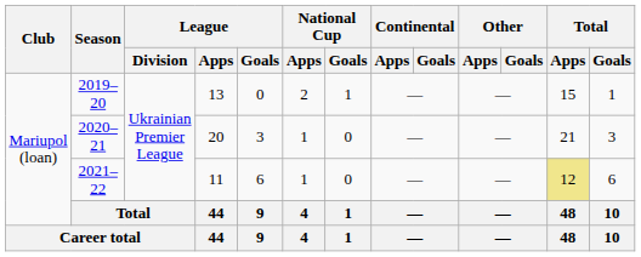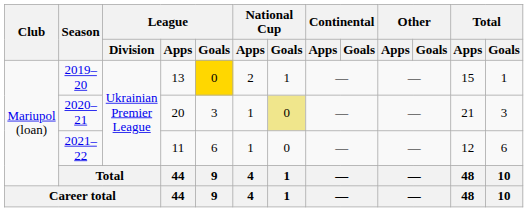 <table class="wikitable" style="text-align:center">
 <tr>
 <th rowspan="2">Club</th>
 <th rowspan="2">Season</th>
 <th colspan="3">League</th>
 <th colspan="2">National Cup</th>
 <th colspan="2">Continental</th>
 <th colspan="2">Other</th>
 <th colspan="2">Total</th>
 </tr>
 <tr>
 <th>Division</th>
 <th>Apps</th>
 <th>Goals</th>
 <th>Apps</th>
 <th>Goals</th>
 <th>Apps</th>
 <th>Goals</th>
 <th>Apps</th>
 <th>Goals</th>
 <th>Apps</th>
 <th>Goals</th>
 </tr>
 <tr>
 <td rowspan="4"><a href='#'>Mariupol</a> (loan)</td>
 <td><a href='#'>2019–20</a></td>
 <td rowspan="3"><a href='#'>Ukrainian Premier League</a></td>
 <td>13</td>
-<td>0</td>
+<td style="background: gold;">0</td>
 <td>2</td>
 <td>1</td>
 <td colspan="2">—</td>
 <td colspan="2">—</td>
 <td>15</td>
 <td>1</td>
 </tr>
 <tr>
 <td><a href='#'>2020–21</a></td>
 <td>20</td>
 <td>3</td>
 <td>1</td>
-<td>0</td>
+<td style="background: khaki;">0</td>
 <td colspan="2">—</td>
 <td colspan="2">—</td>
 <td>21</td>
 <td>3</td>
 </tr>
 <tr>
 <td><a href='#'>2021–22</a></td>
 <td>11</td>
 <td>6</td>
 <td>1</td>
 <td>0</td>
 <td colspan="2">—</td>
 <td colspan="2">—</td>
-<td style="background: khaki;">12</td>
+<td>12</td>
 <td>6</td>
 </tr>
 <tr>
 <th colspan="2">Total</th>
 <th>44</th>
 <th>9</th>
 <th>4</th>
 <th>1</th>
 <th colspan="2">—</th>
 <th colspan="2">—</th>
 <th>48</th>
 <th>10</th>
 </tr>
 <tr>
 <th colspan="3">Career total</th>
 <th>44</th>
 <th>9</th>
 <th>4</th>
 <th>1</th>
 <th colspan="2">—</th>
 <th colspan="2">—</th>
 <th>48</th>
 <th>10</th>
 </tr>
 </table>
